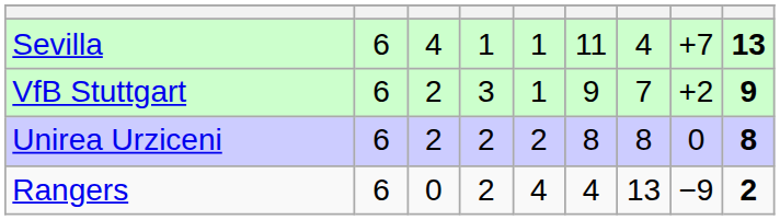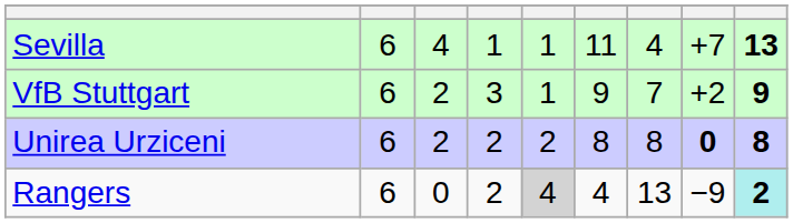 <table class="wikitable" style="text-align: center;">
 <tr>
 </tr>
 <tr>
 <th style="width:175px;"></th>
 <th width="20"></th>
 <th width="20"></th>
 <th width="20"></th>
 <th width="20"></th>
 <th width="20"></th>
 <th width="20"></th>
 <th width="20"></th>
 <th width="20"></th>
 </tr>
 <tr style="background:#cfc;">
 <td align=left> <a href='#'>Sevilla</a></td>
 <td>6</td>
 <td>4</td>
 <td>1</td>
 <td>1</td>
 <td>11</td>
 <td>4</td>
 <td>+7</td>
 <td><strong>13</strong></td>
 </tr>
 <tr style="background:#cfc;">
 <td align=left> <a href='#'>VfB Stuttgart</a></td>
 <td>6</td>
 <td>2</td>
 <td>3</td>
 <td>1</td>
 <td>9</td>
 <td>7</td>
 <td>+2</td>
 <td><strong>9</strong></td>
 </tr>
 <tr style="background:#ccf;">
 <td align=left> <a href='#'>Unirea Urziceni</a></td>
 <td>6</td>
 <td>2</td>
 <td>2</td>
 <td>2</td>
 <td>8</td>
 <td>8</td>
-<td>0</td>
+<td><strong>0</strong></td>
 <td><strong>8</strong></td>
 </tr>
 <tr>
 <td align=left> <a href='#'>Rangers</a></td>
 <td>6</td>
 <td>0</td>
 <td>2</td>
-<td>4</td>
+<td style="background: lightgrey;">4</td>
 <td>4</td>
 <td>13</td>
 <td>−9</td>
-<td><strong>2</strong></td>
+<td style="background: paleturquoise;"><strong>2</strong></td>
 </tr>
 </table>
